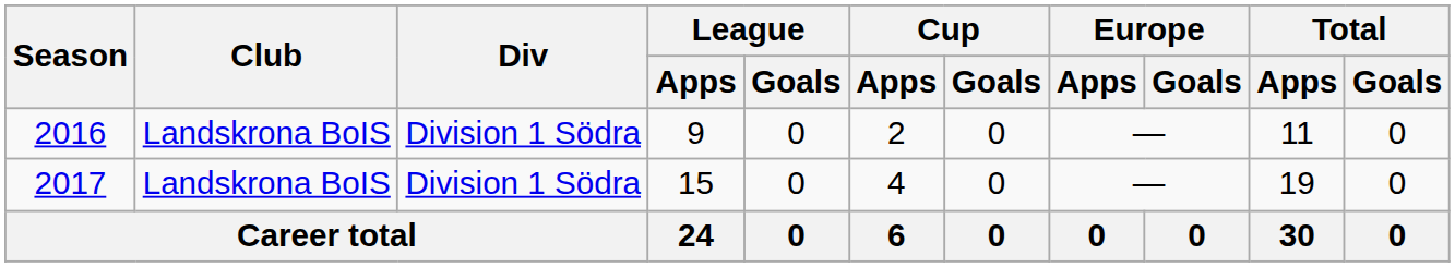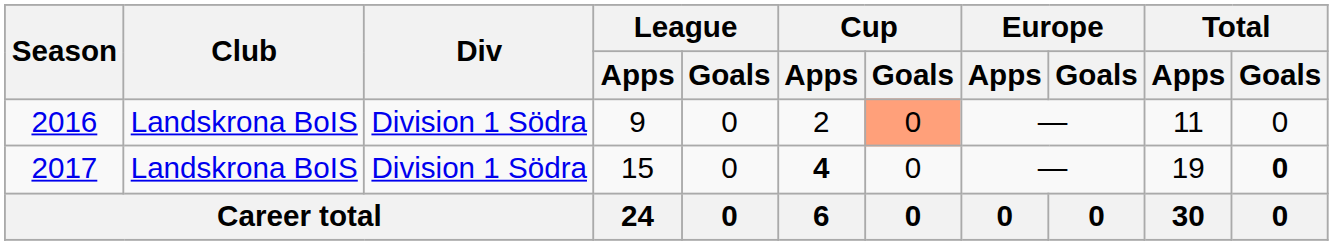 <table class="wikitable" style="text-align: center;">
 <tr>
 <th rowspan="2">Season</th>
 <th rowspan="2">Club</th>
 <th rowspan="2">Div</th>
 <th colspan="2">League</th>
 <th colspan="2">Cup</th>
 <th colspan="2">Europe</th>
 <th colspan="2">Total</th>
 </tr>
 <tr>
 <th>Apps</th>
 <th>Goals</th>
 <th>Apps</th>
 <th>Goals</th>
 <th>Apps</th>
 <th>Goals</th>
 <th>Apps</th>
 <th>Goals</th>
 </tr>
 <tr>
 <td><a href='#'>2016</a></td>
 <td rowspan="1" valign="center"><a href='#'>Landskrona BoIS</a></td>
 <td rowspan="1"><a href='#'>Division 1 Södra</a></td>
 <td>9</td>
 <td>0</td>
 <td>2</td>
-<td>0</td>
+<td style="background: lightsalmon;">0</td>
 <td colspan="2">—</td>
 <td>11</td>
 <td>0</td>
 </tr>
 <tr>
 <td><a href='#'>2017</a></td>
 <td rowspan="1" valign="center"><a href='#'>Landskrona BoIS</a></td>
 <td rowspan="1"><a href='#'>Division 1 Södra</a></td>
 <td>15</td>
 <td>0</td>
-<td>4</td>
+<td><strong>4</strong></td>
 <td>0</td>
 <td colspan="2">—</td>
 <td>19</td>
-<td>0</td>
+<td><strong>0</strong></td>
 </tr>
 <tr>
 <th colspan="3">Career total</th>
 <th>24</th>
 <th>0</th>
 <th>6</th>
 <th>0</th>
 <th>0</th>
 <th>0</th>
 <th>30</th>
 <th>0</th>
 </tr>
 </table>
